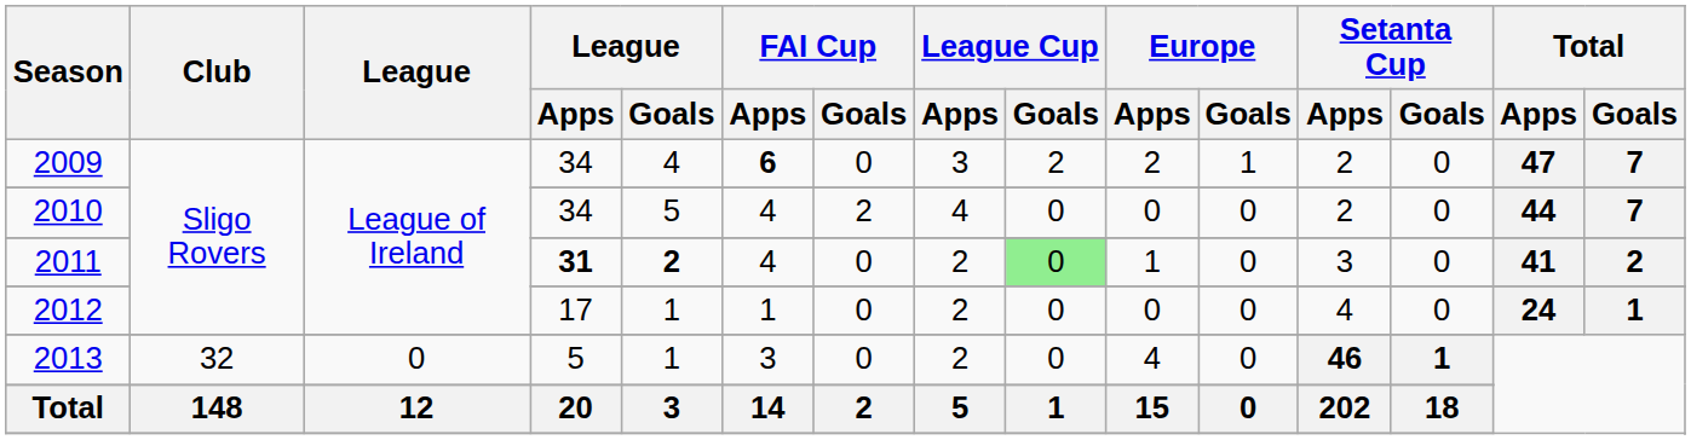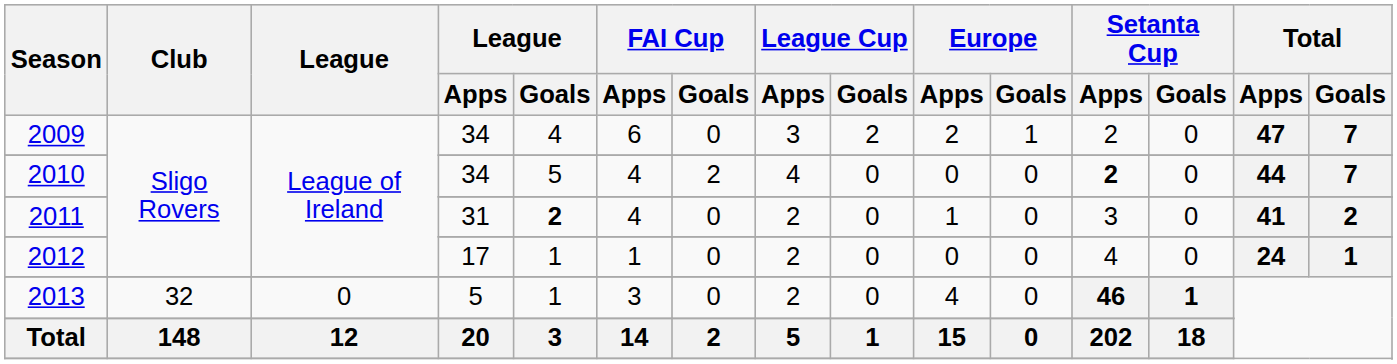 <table class="wikitable" style="text-align: center;">
 <tr>
 <th rowspan=2>Season</th>
 <th rowspan=2>Club</th>
 <th rowspan=2>League</th>
 <th colspan=2>League</th>
 <th colspan=2><a href='#'>FAI Cup</a></th>
 <th colspan=2><a href='#'>League Cup</a></th>
 <th colspan=2><a href='#'>Europe</a></th>
 <th colspan=2><a href='#'>Setanta Cup</a></th>
 <th colspan=2>Total</th>
 </tr>
 <tr>
 <th>Apps</th>
 <th>Goals</th>
 <th>Apps</th>
 <th>Goals</th>
 <th>Apps</th>
 <th>Goals</th>
 <th>Apps</th>
 <th>Goals</th>
 <th>Apps</th>
 <th>Goals</th>
 <th>Apps</th>
 <th>Goals</th>
 </tr>
 <tr>
 <td><a href='#'>2009</a></td>
 <td rowspan=7><a href='#'>Sligo Rovers</a></td>
 <td rowspan=7><a href='#'>League of Ireland</a></td>
 <td>34</td>
 <td>4</td>
-<td><strong>6</strong></td>
+<td>6</td>
 <td>0</td>
 <td>3</td>
 <td>2</td>
 <td>2</td>
 <td>1</td>
 <td>2</td>
 <td>0</td>
 <th>47</th>
 <th>7</th>
 </tr>
 <tr>
 </tr>
 <tr>
 <td><a href='#'>2010</a></td>
 <td>34</td>
 <td>5</td>
 <td>4</td>
 <td>2</td>
 <td>4</td>
 <td>0</td>
 <td>0</td>
 <td>0</td>
-<td>2</td>
+<td><strong>2</strong></td>
 <td>0</td>
 <th>44</th>
 <th>7</th>
 </tr>
 <tr>
 </tr>
 <tr>
 <td><a href='#'>2011</a></td>
-<td><strong>31</strong></td>
+<td>31</td>
 <td><strong>2</strong></td>
 <td>4</td>
 <td>0</td>
 <td>2</td>
-<td style="background: lightgreen;">0</td>
+<td>0</td>
 <td>1</td>
 <td>0</td>
 <td>3</td>
 <td>0</td>
 <th>41</th>
 <th>2</th>
 </tr>
 <tr>
 </tr>
 <tr>
 <td><a href='#'>2012</a></td>
 <td>17</td>
 <td>1</td>
 <td>1</td>
 <td>0</td>
 <td>2</td>
 <td>0</td>
 <td>0</td>
 <td>0</td>
 <td>4</td>
 <td>0</td>
 <th>24</th>
 <th>1</th>
 </tr>
 <tr>
 </tr>
 <tr>
 <td><a href='#'>2013</a></td>
 <td>32</td>
 <td>0</td>
 <td>5</td>
 <td>1</td>
 <td>3</td>
 <td>0</td>
 <td>2</td>
 <td>0</td>
 <td>4</td>
 <td>0</td>
 <th>46</th>
 <th>1</th>
 </tr>
 <tr>
 </tr>
 <tr>
 <th>Total</th>
 <th>148</th>
 <th>12</th>
 <th>20</th>
 <th>3</th>
 <th>14</th>
 <th>2</th>
 <th>5</th>
 <th>1</th>
 <th>15</th>
 <th>0</th>
 <th>202</th>
 <th>18</th>
 </tr>
 <tr>
 </tr>
 </table>
